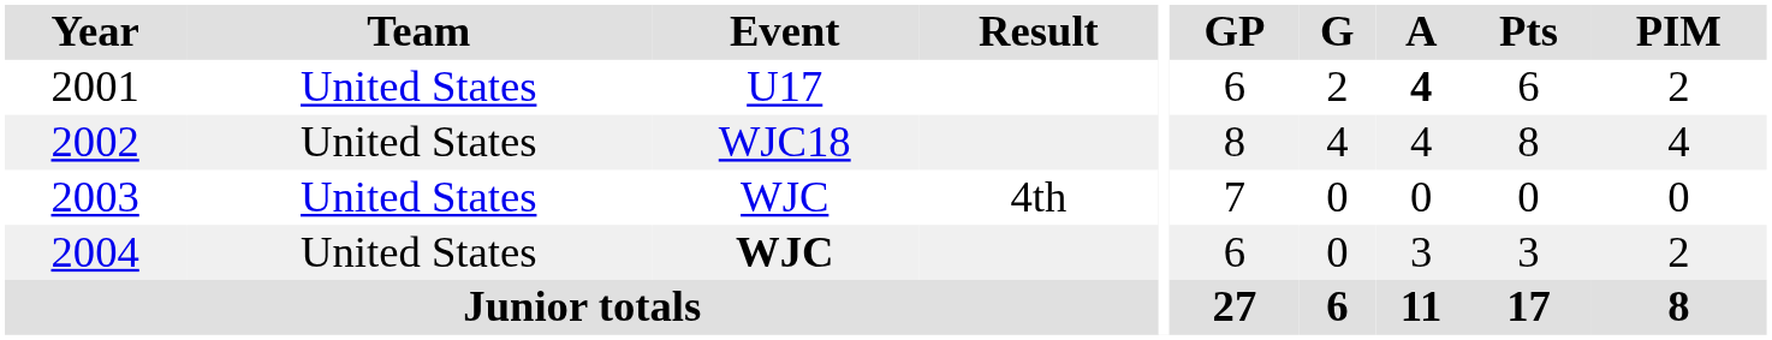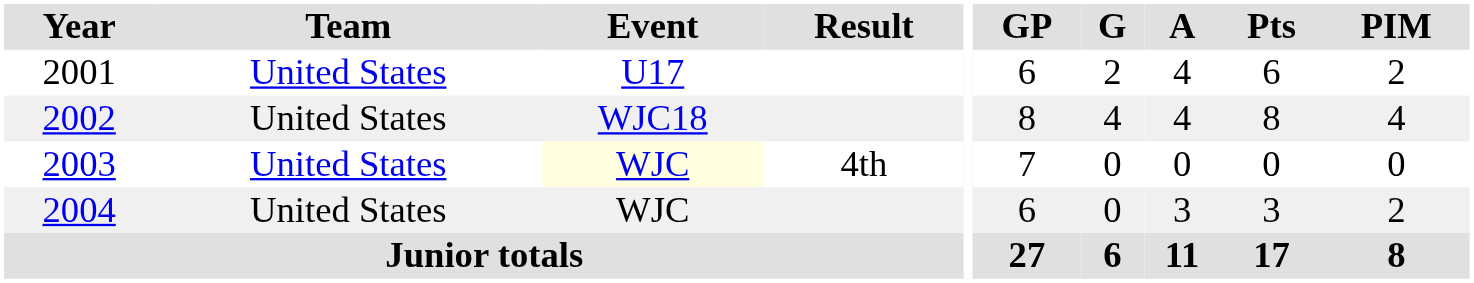 <table border="0" cellpadding="1" cellspacing="0" ID="Table3" style="text-align:center; width:40em">
 <tr align="center" bgcolor="#e0e0e0">
 <th>Year</th>
 <th>Team</th>
 <th>Event</th>
 <th>Result</th>
 <th rowspan="99" bgcolor="#ffffff"></th>
 <th>GP</th>
 <th>G</th>
 <th>A</th>
 <th>Pts</th>
 <th>PIM</th>
 </tr>
 <tr>
 <td>2001</td>
 <td><a href='#'>United States</a></td>
 <td><a href='#'>U17</a></td>
 <td></td>
 <td>6</td>
 <td>2</td>
-<td><strong>4</strong></td>
+<td>4</td>
 <td>6</td>
 <td>2</td>
 </tr>
 <tr bgcolor="#f0f0f0">
 <td><a href='#'>2002</a></td>
 <td>United States</td>
 <td><a href='#'>WJC18</a></td>
 <td></td>
 <td>8</td>
 <td>4</td>
 <td>4</td>
 <td>8</td>
 <td>4</td>
 </tr>
 <tr>
 <td><a href='#'>2003</a></td>
 <td><a href='#'>United States</a></td>
-<td><a href='#'>WJC</a></td>
+<td style="background: lightyellow;"><a href='#'>WJC</a></td>
 <td>4th</td>
 <td>7</td>
 <td>0</td>
 <td>0</td>
 <td>0</td>
 <td>0</td>
 </tr>
 <tr bgcolor="#f0f0f0">
 <td><a href='#'>2004</a></td>
 <td>United States</td>
-<td><strong>WJC</strong></td>
+<td>WJC</td>
 <td></td>
 <td>6</td>
 <td>0</td>
 <td>3</td>
 <td>3</td>
 <td>2</td>
 </tr>
 <tr bgcolor="#e0e0e0">
 <th colspan="4">Junior totals</th>
 <th>27</th>
 <th>6</th>
 <th>11</th>
 <th>17</th>
 <th>8</th>
 </tr>
 </table>
